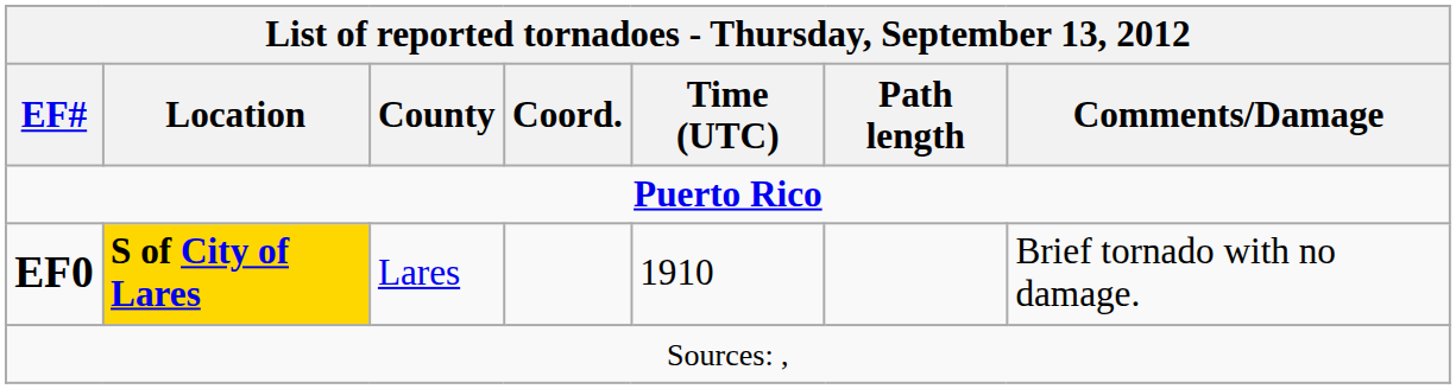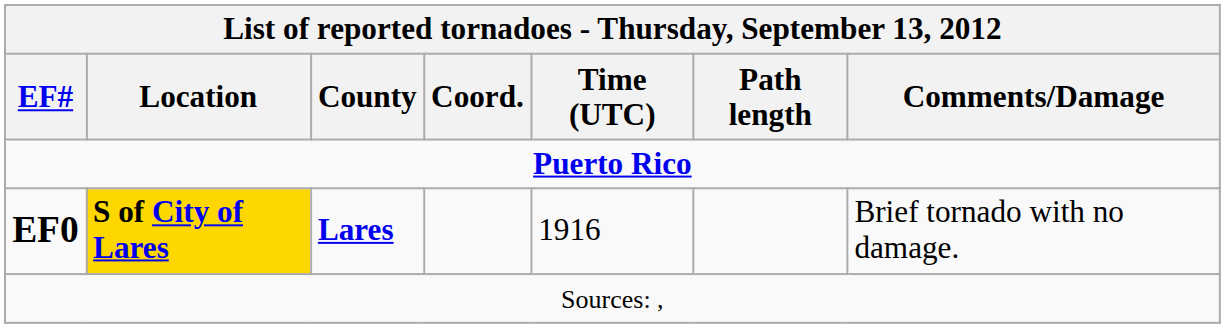 <table class="wikitable collapsible" width="100%">
 <tr>
 <th colspan="7">List of reported tornadoes - Thursday, September 13, 2012</th>
 </tr>
 <tr>
 <th><a href='#'>EF#</a></th>
 <th>Location</th>
 <th>County</th>
 <th>Coord.</th>
 <th>Time (UTC)</th>
 <th>Path length</th>
 <th>Comments/Damage</th>
 </tr>
 <tr>
 <td colspan="7" align=center><strong><a href='#'>Puerto Rico</a></strong></td>
 </tr>
 <tr>
 <td><big><strong>EF0</strong></big></td>
 <td style="background: gold;"><strong>S of <a href='#'>City of Lares</a></strong></td>
-<td><a href='#'>Lares</a></td>
+<td><strong><a href='#'>Lares</a></strong></td>
 <td></td>
-<td>1910</td>
+<td>1916</td>
 <td></td>
 <td>Brief tornado with no damage.</td>
 </tr>
 <tr>
 <td colspan="7" align=center><small>Sources: , </small></td>
 </tr>
 </table>
